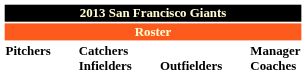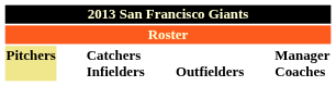 <table class="toccolours" style="font-size: 95%;">
 <tr>
 <th colspan="10" style="background:black; color:#fffdd0; text-align:center;">2013 San Francisco Giants</th>
 </tr>
 <tr>
 <td colspan="10" style="background:#fd5a1e; color:#fffdd0; text-align:center;"><strong>Roster</strong></td>
 </tr>
 <tr>
-<td valign="top"><strong>Pitchers</strong><br>                    </td>
+<td valign="top" style="background: khaki;"><strong>Pitchers</strong><br>                    </td>
 <td style="width:25px;"></td>
 <td valign="top"><strong>Catchers</strong><br>    <strong>Infielders</strong>         </td>
 <td style="width:25px;"></td>
 <td valign="top"><br><strong>Outfielders</strong>          </td>
 <td style="width:25px;"></td>
 <td valign="top"><strong>Manager</strong><br> <strong>Coaches</strong>                </td>
 </tr>
 </table>
